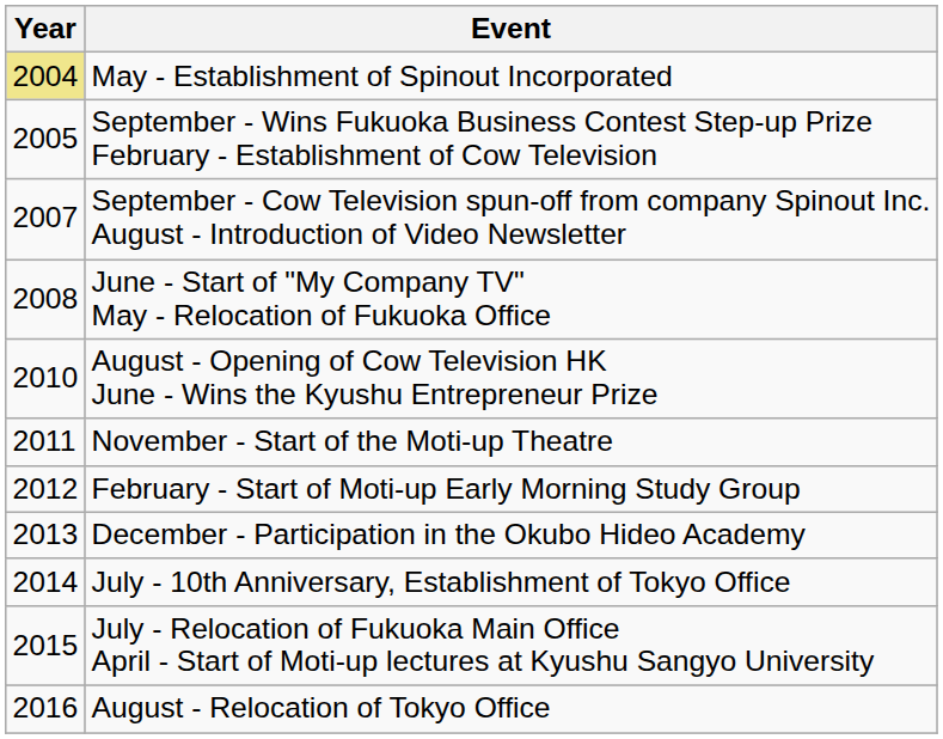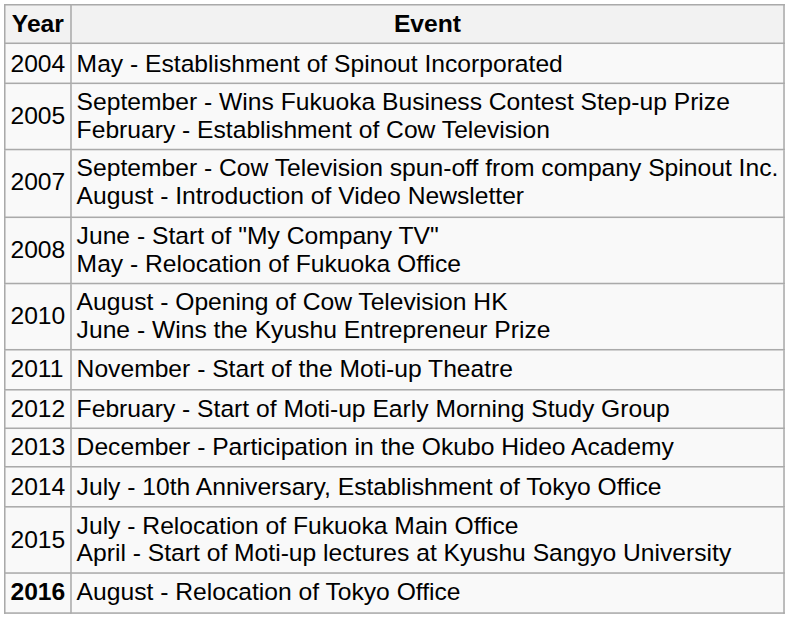 <table class="wikitable">
 <tr>
 <th>Year</th>
 <th>Event</th>
 </tr>
 <tr>
-<td style="background: khaki;">2004</td>
+<td>2004</td>
 <td>May - Establishment of Spinout Incorporated</td>
 </tr>
 <tr>
 <td>2005</td>
 <td>September - Wins Fukuoka Business Contest Step-up Prize <br>February - Establishment of Cow Television</td>
 </tr>
 <tr>
 <td>2007</td>
 <td>September - Cow Television spun-off from company Spinout Inc.<br>August - Introduction of Video Newsletter</td>
 </tr>
 <tr>
 <td>2008</td>
 <td>June - Start of "My Company TV"<br>May - Relocation of Fukuoka Office</td>
 </tr>
 <tr>
 <td>2010</td>
 <td>August - Opening of Cow Television HK<br>June - Wins the Kyushu Entrepreneur Prize </td>
 </tr>
 <tr>
 <td>2011</td>
 <td>November - Start of the Moti-up Theatre</td>
 </tr>
 <tr>
 <td>2012</td>
 <td>February - Start of Moti-up Early Morning Study Group</td>
 </tr>
 <tr>
 <td>2013</td>
 <td>December - Participation in the Okubo Hideo Academy</td>
 </tr>
 <tr>
 <td>2014</td>
 <td>July - 10th Anniversary, Establishment of Tokyo Office</td>
 </tr>
 <tr>
 <td>2015</td>
 <td>July - Relocation of Fukuoka Main Office<br>April - Start of Moti-up lectures at Kyushu Sangyo University</td>
 </tr>
 <tr>
-<td>2016</td>
+<td><strong>2016</strong></td>
 <td>August - Relocation of Tokyo Office</td>
 </tr>
 </table>
